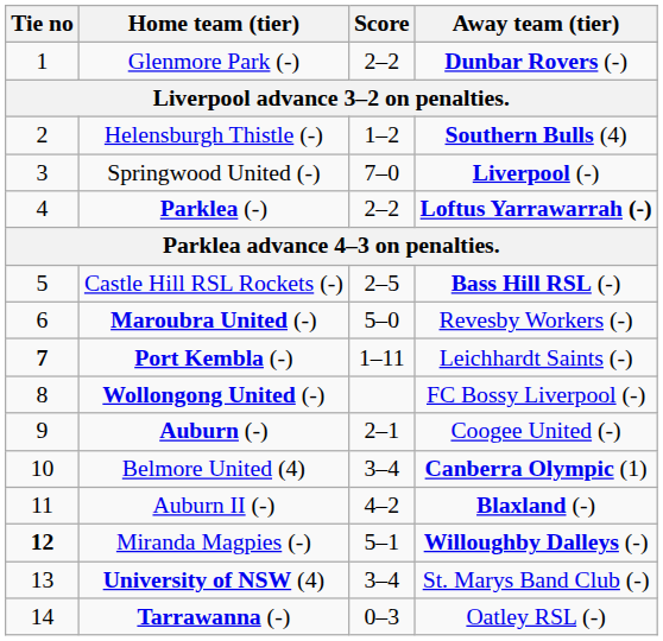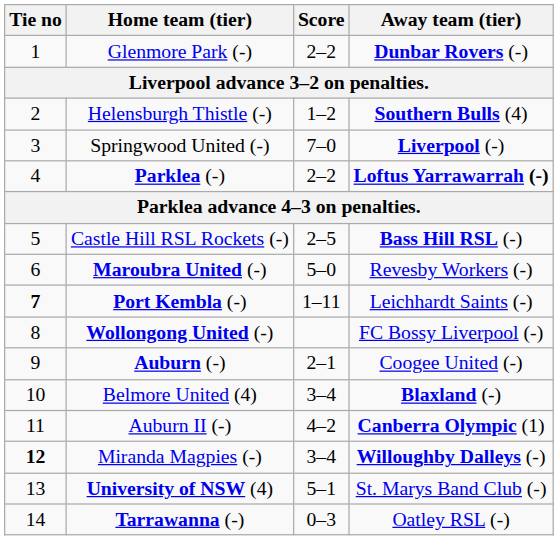 <table class="wikitable" style="text-align:center">
 <tr>
 <th>Tie no</th>
 <th>Home team (tier)</th>
 <th>Score</th>
 <th>Away team (tier)</th>
 </tr>
 <tr>
 <td>1</td>
 <td><a href='#'>Glenmore Park</a> (-)</td>
 <td>2–2</td>
 <td><strong><a href='#'>Dunbar Rovers</a></strong> (-)</td>
 </tr>
 <tr>
 <th colspan="5"><strong>Liverpool advance 3–2 on penalties.</strong></th>
 </tr>
 <tr>
 <td>2</td>
 <td><a href='#'>Helensburgh Thistle</a> (-)</td>
 <td>1–2</td>
 <td><strong><a href='#'>Southern Bulls</a></strong> (4)</td>
 </tr>
 <tr>
 <td>3</td>
 <td>Springwood United (-)</td>
 <td>7–0</td>
 <td><strong><a href='#'>Liverpool</a></strong> (-)</td>
 </tr>
 <tr>
 <td>4</td>
 <td><strong><a href='#'>Parklea</a></strong> (-)</td>
 <td>2–2</td>
 <td><strong><a href='#'>Loftus Yarrawarrah</a> (-)</strong></td>
 </tr>
 <tr>
 <th colspan="5"><strong>Parklea advance 4–3 on penalties.</strong></th>
 </tr>
 <tr>
 <td>5</td>
 <td><a href='#'>Castle Hill RSL Rockets</a> (-)</td>
 <td>2–5</td>
 <td><strong><a href='#'>Bass Hill RSL</a></strong> (-)</td>
 </tr>
 <tr>
 <td>6</td>
 <td><strong><a href='#'>Maroubra United</a></strong> (-)</td>
 <td>5–0</td>
 <td><a href='#'>Revesby Workers</a> (-)</td>
 </tr>
 <tr>
 <td><strong>7</strong></td>
 <td><strong><a href='#'>Port Kembla</a></strong> (-)</td>
 <td>1–11</td>
 <td><a href='#'>Leichhardt Saints</a> (-)</td>
 </tr>
 <tr>
 <td>8</td>
 <td><strong><a href='#'>Wollongong United</a></strong> (-)</td>
 <td></td>
 <td><a href='#'>FC Bossy Liverpool</a> (-)</td>
 </tr>
 <tr>
 <td>9</td>
 <td><strong><a href='#'>Auburn</a></strong> (-)</td>
 <td>2–1</td>
 <td><a href='#'>Coogee United</a> (-)</td>
 </tr>
 <tr>
 <td>10</td>
 <td><a href='#'>Belmore United</a> (4)</td>
 <td>3–4</td>
-<td><strong><a href='#'>Canberra Olympic</a></strong> (1)</td>
+<td><strong><a href='#'>Blaxland</a></strong> (-)</td>
 </tr>
 <tr>
 <td>11</td>
 <td><a href='#'>Auburn II</a> (-)</td>
 <td>4–2</td>
-<td><strong><a href='#'>Blaxland</a></strong> (-)</td>
+<td><strong><a href='#'>Canberra Olympic</a></strong> (1)</td>
 </tr>
 <tr>
 <td><strong>12</strong></td>
 <td><a href='#'>Miranda Magpies</a> (-)</td>
-<td>5–1</td>
+<td>3–4</td>
 <td><strong><a href='#'>Willoughby Dalleys</a></strong> (-)</td>
 </tr>
 <tr>
 <td>13</td>
 <td><strong><a href='#'>University of NSW</a></strong> (4)</td>
-<td>3–4</td>
+<td>5–1</td>
 <td><a href='#'>St. Marys Band Club</a> (-)</td>
 </tr>
 <tr>
 <td>14</td>
 <td><strong><a href='#'>Tarrawanna</a></strong> (-)</td>
 <td>0–3</td>
 <td><a href='#'>Oatley RSL</a> (-)</td>
 </tr>
 </table>
